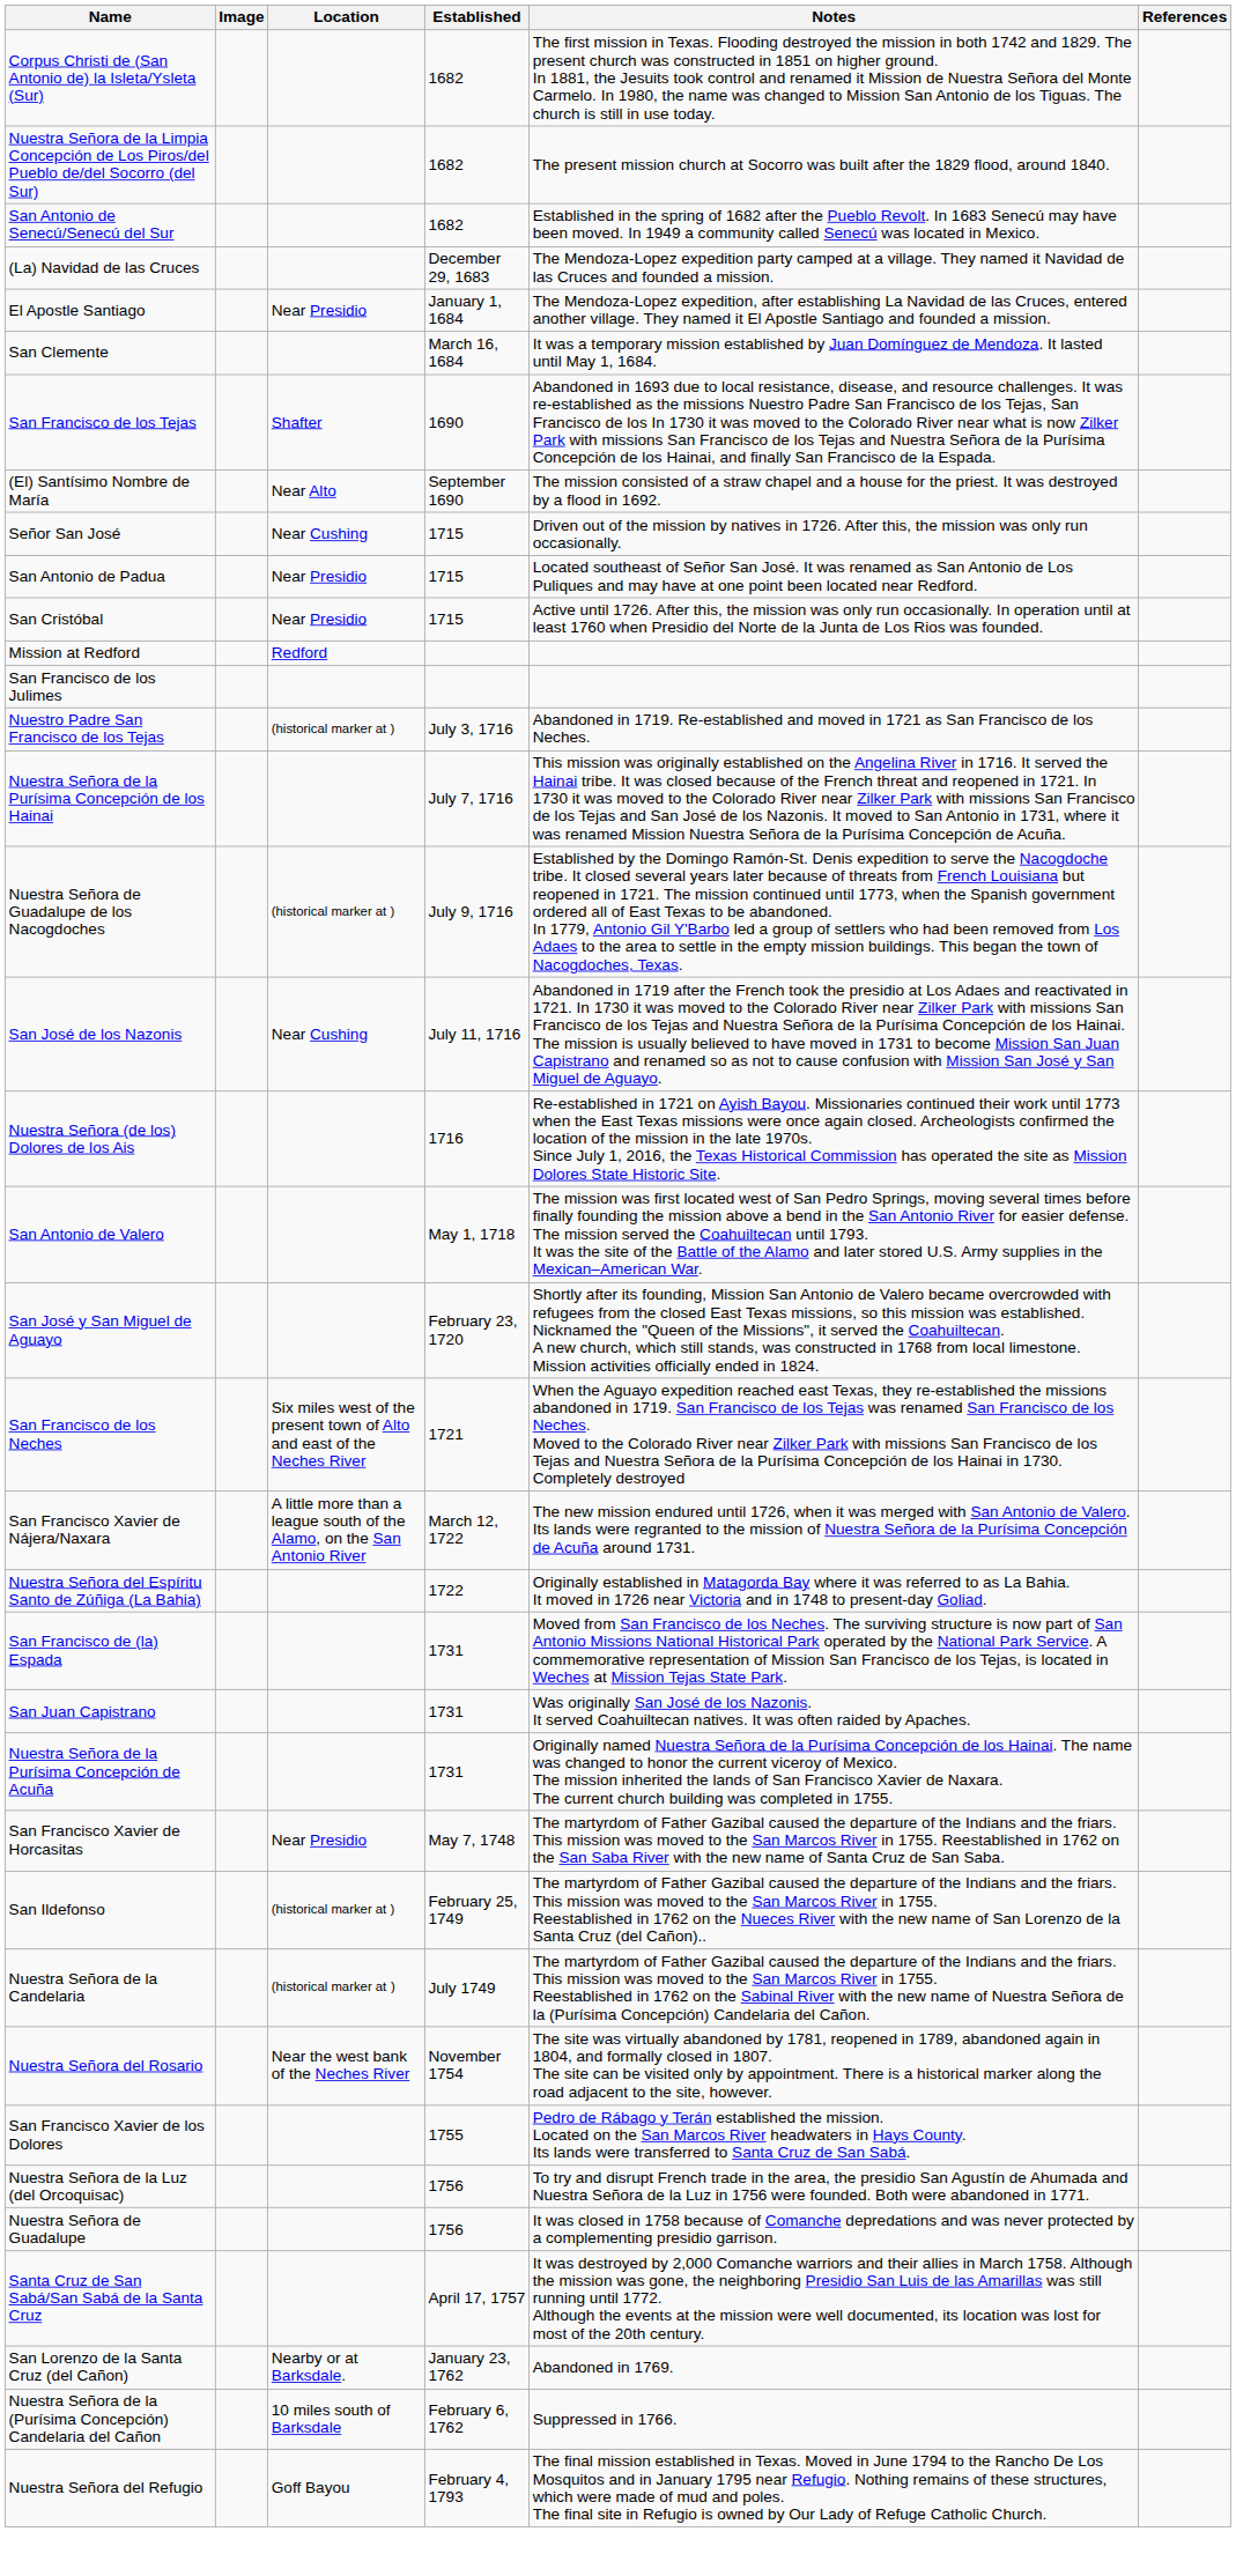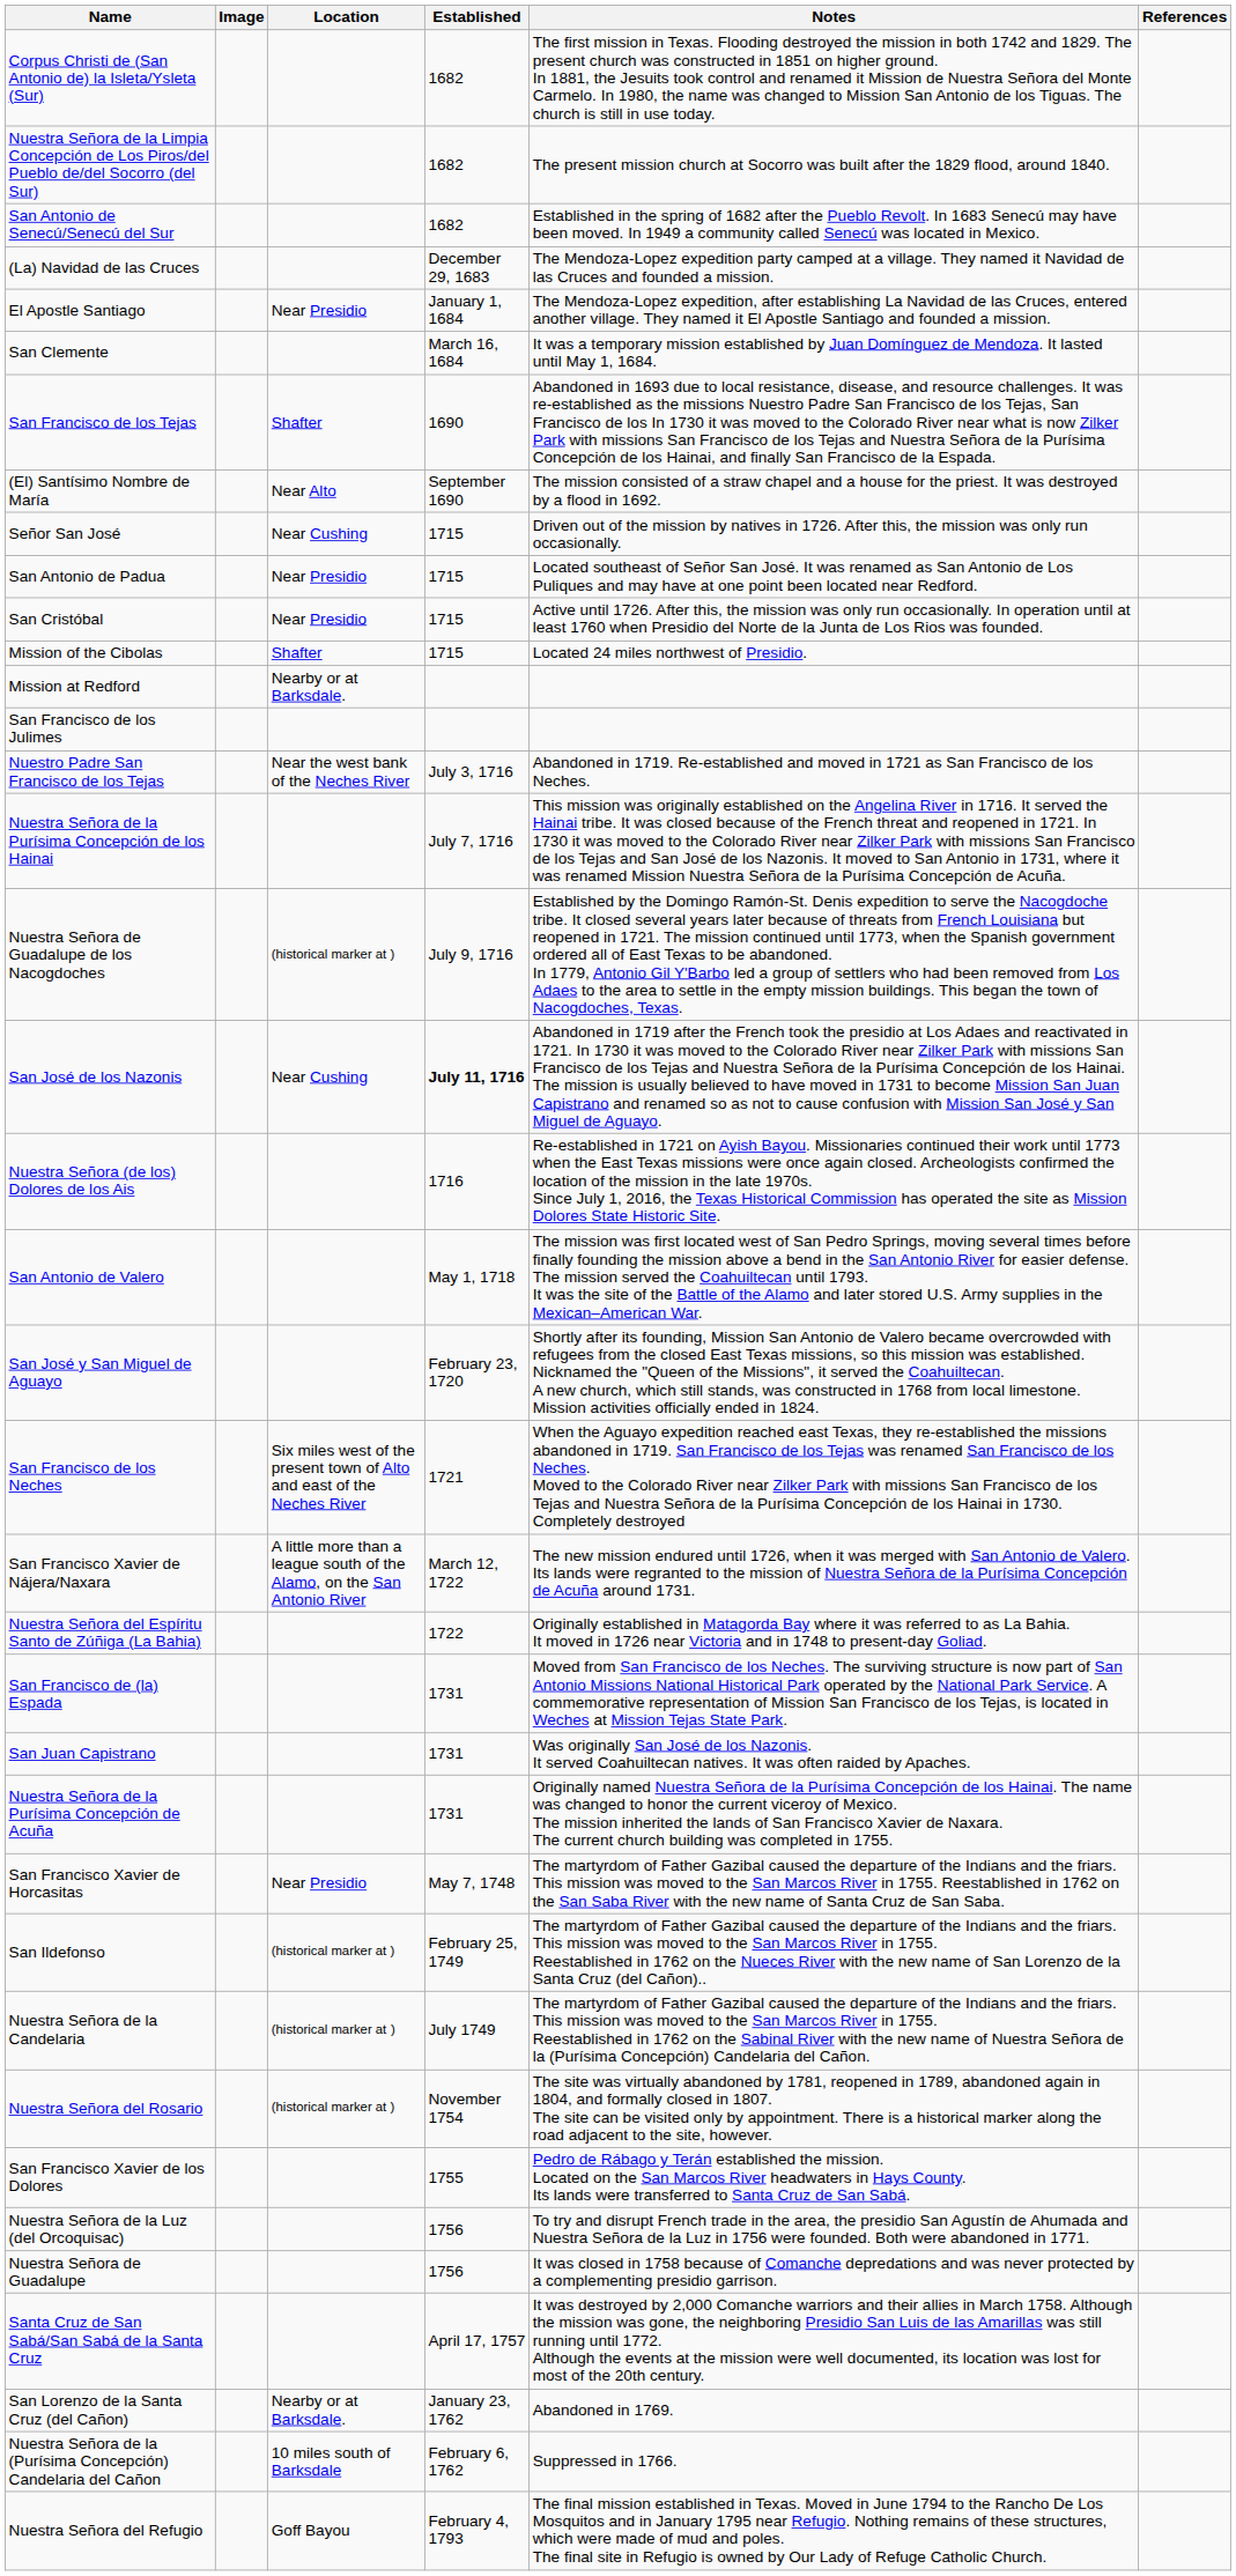 <table class="wikitable">
 <tr>
 <th>Name</th>
 <th>Image</th>
 <th>Location</th>
 <th>Established</th>
 <th>Notes</th>
 <th>References</th>
 </tr>
 <tr>
 <td><a href='#'>Corpus Christi de (San Antonio de) la Isleta/Ysleta (Sur)</a></td>
 <td></td>
 <td><sub></sub></td>
 <td>1682</td>
 <td>The first mission in Texas. Flooding destroyed the mission in both 1742 and 1829. The present church was constructed in 1851 on higher ground.<br>In 1881, the Jesuits took control and renamed it Mission de Nuestra Señora del Monte Carmelo. In 1980, the name was changed to Mission San Antonio de los Tiguas. The church is still in use today.</td>
 <td></td>
 </tr>
 <tr>
 <td><a href='#'>Nuestra Señora de la Limpia Concepción de Los Piros/del Pueblo de/del Socorro (del Sur)</a></td>
 <td></td>
 <td><sub></sub></td>
 <td>1682</td>
 <td>The present mission church at Socorro was built after the 1829 flood, around 1840.</td>
 <td></td>
 </tr>
 <tr>
 <td><a href='#'>San Antonio de Senecú/Senecú del Sur</a></td>
 <td></td>
 <td></td>
 <td>1682</td>
 <td>Established in the spring of 1682 after the <a href='#'>Pueblo Revolt</a>. In 1683 Senecú may have been moved. In 1949 a community called <a href='#'>Senecú</a> was located in Mexico.</td>
 <td></td>
 </tr>
 <tr>
 <td>(La) Navidad de las Cruces</td>
 <td></td>
 <td></td>
 <td>December 29, 1683</td>
 <td>The Mendoza-Lopez expedition party camped at a village. They named it Navidad de las Cruces and founded a mission.</td>
 <td></td>
 </tr>
 <tr>
 <td>El Apostle Santiago</td>
 <td></td>
 <td>Near <a href='#'>Presidio</a></td>
 <td>January 1, 1684</td>
 <td>The Mendoza-Lopez expedition, after establishing La Navidad de las Cruces, entered another village. They named it El Apostle Santiago and founded a mission.</td>
 <td></td>
 </tr>
 <tr>
 <td>San Clemente</td>
 <td></td>
 <td><small></small></td>
 <td>March 16, 1684</td>
 <td>It was a temporary mission established by <a href='#'>Juan Domínguez de Mendoza</a>. It lasted until May 1, 1684.</td>
 <td></td>
 </tr>
 <tr>
 <td><a href='#'>San Francisco de los Tejas</a></td>
 <td></td>
 <td><a href='#'>Shafter</a></td>
 <td>1690</td>
 <td>Abandoned in 1693 due to local resistance, disease, and resource challenges. It was re-established as the missions Nuestro Padre San Francisco de los Tejas, San Francisco de los In 1730 it was moved to the Colorado River near what is now <a href='#'>Zilker Park</a> with missions San Francisco de los Tejas and Nuestra Señora de la Purísima Concepción de los Hainai, and finally San Francisco de la Espada.</td>
 <td></td>
 </tr>
 <tr>
 <td>(El) Santísimo Nombre de María</td>
 <td></td>
 <td>Near <a href='#'>Alto</a></td>
 <td>September 1690</td>
 <td>The mission consisted of a straw chapel and a house for the priest. It was destroyed by a flood in 1692.</td>
 <td></td>
 </tr>
 <tr>
 <td>Señor San José</td>
 <td></td>
 <td>Near <a href='#'>Cushing</a></td>
 <td>1715</td>
 <td>Driven out of the mission by natives in 1726. After this, the mission was only run occasionally.</td>
 <td></td>
 </tr>
 <tr>
 <td>San Antonio de Padua</td>
 <td></td>
 <td>Near <a href='#'>Presidio</a></td>
 <td>1715</td>
 <td>Located southeast of Señor San José. It was renamed as San Antonio de Los Puliques and may have at one point been located near Redford.</td>
 <td></td>
 </tr>
 <tr>
 <td>San Cristóbal</td>
 <td></td>
 <td>Near <a href='#'>Presidio</a></td>
 <td>1715</td>
 <td>Active until 1726. After this, the mission was only run occasionally. In operation until at least 1760 when Presidio del Norte de la Junta de Los Rios was founded.</td>
 <td></td>
 </tr>
 <tr>
+<td>Mission of the Cibolas</td>
+<td></td>
+<td><a href='#'>Shafter</a></td>
+<td>1715</td>
+<td>Located 24 miles northwest of <a href='#'>Presidio</a>.</td>
+<td></td>
+</tr>
+<tr>
 <td>Mission at Redford</td>
 <td></td>
-<td><a href='#'>Redford</a></td>
+<td>Nearby or at <a href='#'>Barksdale</a>.</td>
 <td></td>
 <td></td>
 <td></td>
 </tr>
 <tr>
 <td>San Francisco de los Julimes</td>
 <td></td>
 <td></td>
 <td></td>
 <td></td>
 <td></td>
 </tr>
 <tr>
 <td><a href='#'>Nuestro Padre San Francisco de los Tejas</a></td>
 <td></td>
-<td><sub></sub> <small>(historical marker at )</small></td>
+<td>Near the west bank of the <a href='#'>Neches River</a></td>
 <td>July 3, 1716</td>
 <td>Abandoned in 1719. Re-established and moved in 1721 as San Francisco de los Neches.</td>
 <td></td>
 </tr>
 <tr>
 <td><a href='#'>Nuestra Señora de la Purísima Concepción de los Hainai</a></td>
 <td></td>
 <td></td>
 <td>July 7, 1716</td>
 <td>This mission was originally established on the <a href='#'>Angelina River</a> in 1716. It served the <a href='#'>Hainai</a> tribe. It was closed because of the French threat and reopened in 1721. In 1730 it was moved to the Colorado River near <a href='#'>Zilker Park</a> with missions San Francisco de los Tejas and San José de los Nazonis. It moved to San Antonio in 1731, where it was renamed Mission Nuestra Señora de la Purísima Concepción de Acuña.</td>
 <td></td>
 </tr>
 <tr>
 <td>Nuestra Señora de Guadalupe de los Nacogdoches</td>
 <td></td>
 <td><sub></sub> <small>(historical marker at )</small></td>
 <td>July 9, 1716</td>
 <td>Established by the Domingo Ramón-St. Denis expedition to serve the <a href='#'>Nacogdoche</a> tribe. It closed several years later because of threats from <a href='#'>French Louisiana</a> but reopened in 1721. The mission continued until 1773, when the Spanish government ordered all of East Texas to be abandoned.<br>In 1779, <a href='#'>Antonio Gil Y'Barbo</a> led a group of settlers who had been removed from <a href='#'>Los Adaes</a> to the area to settle in the empty mission buildings. This began the town of <a href='#'>Nacogdoches, Texas</a>.</td>
 <td></td>
 </tr>
 <tr>
 <td><a href='#'>San José de los Nazonis</a></td>
 <td></td>
 <td>Near <a href='#'>Cushing</a></td>
-<td>July 11, 1716</td>
+<td><strong>July 11, 1716</strong></td>
 <td>Abandoned in 1719 after the French took the presidio at Los Adaes and reactivated in 1721. In 1730 it was moved to the Colorado River near <a href='#'>Zilker Park</a> with missions San Francisco de los Tejas and Nuestra Señora de la Purísima Concepción de los Hainai.<br>The mission is usually believed to have moved in 1731 to become <a href='#'>Mission San Juan Capistrano</a> and renamed so as not to cause confusion with <a href='#'>Mission San José y San Miguel de Aguayo</a>.</td>
 <td></td>
 </tr>
 <tr>
 <td><a href='#'>Nuestra Señora (de los) Dolores de los Ais</a></td>
 <td></td>
 <td><sub></sub></td>
 <td>1716</td>
 <td>Re-established in 1721 on <a href='#'>Ayish Bayou</a>. Missionaries continued their work until 1773 when the East Texas missions were once again closed. Archeologists confirmed the location of the mission in the late 1970s.<br>Since July 1, 2016, the <a href='#'>Texas Historical Commission</a> has operated the site as <a href='#'>Mission Dolores State Historic Site</a>.</td>
 <td></td>
 </tr>
 <tr>
 <td><a href='#'>San Antonio de Valero</a></td>
 <td></td>
 <td></td>
 <td>May 1, 1718</td>
 <td>The mission was first located west of San Pedro Springs, moving several times before finally founding the mission above a bend in the <a href='#'>San Antonio River</a> for easier defense. The mission served the <a href='#'>Coahuiltecan</a> until 1793.<br>It was the site of the <a href='#'>Battle of the Alamo</a> and later stored U.S. Army supplies in the <a href='#'>Mexican–American War</a>.</td>
 <td></td>
 </tr>
 <tr>
 <td><a href='#'>San José y San Miguel de Aguayo</a></td>
 <td></td>
 <td></td>
 <td>February 23, 1720</td>
 <td>Shortly after its founding, Mission San Antonio de Valero became overcrowded with refugees from the closed East Texas missions, so this mission was established. Nicknamed the "Queen of the Missions", it served the <a href='#'>Coahuiltecan</a>.<br>A new church, which still stands, was constructed in 1768 from local limestone. Mission activities officially ended in 1824.</td>
 <td></td>
 </tr>
 <tr>
 <td><a href='#'>San Francisco de los Neches</a></td>
 <td></td>
 <td>Six miles west of the present town of <a href='#'>Alto</a> and east of the <a href='#'>Neches River</a></td>
 <td>1721</td>
 <td>When the Aguayo expedition reached east Texas, they re-established the missions abandoned in 1719. <a href='#'>San Francisco de los Tejas</a> was renamed <a href='#'>San Francisco de los Neches</a>.<br>Moved to the Colorado River near <a href='#'>Zilker Park</a> with missions San Francisco de los Tejas and Nuestra Señora de la Purísima Concepción de los Hainai in 1730. Completely destroyed</td>
 <td></td>
 </tr>
 <tr>
 <td>San Francisco Xavier de Nájera/Naxara</td>
 <td></td>
 <td>A little more than a league south of the <a href='#'>Alamo</a>, on the <a href='#'>San Antonio River</a></td>
 <td>March 12, 1722</td>
 <td>The new mission endured until 1726, when it was merged with <a href='#'>San Antonio de Valero</a>. Its lands were regranted to the mission of <a href='#'>Nuestra Señora de la Purísima Concepción de Acuña</a> around 1731.</td>
 <td></td>
 </tr>
 <tr>
 <td><a href='#'>Nuestra Señora del Espíritu Santo de Zúñiga (La Bahia)</a></td>
 <td></td>
 <td><sub></sub></td>
 <td>1722</td>
 <td>Originally established in <a href='#'>Matagorda Bay</a> where it was referred to as La Bahia.<br>It moved in 1726 near <a href='#'>Victoria</a> and in 1748 to present-day <a href='#'>Goliad</a>.</td>
 <td></td>
 </tr>
 <tr>
 <td><a href='#'>San Francisco de (la) Espada</a></td>
 <td></td>
 <td><sub></sub></td>
 <td>1731</td>
 <td>Moved from <a href='#'>San Francisco de los Neches</a>. The surviving structure is now part of <a href='#'>San Antonio Missions National Historical Park</a> operated by the <a href='#'>National Park Service</a>. A commemorative representation of Mission San Francisco de los Tejas, is located in <a href='#'>Weches</a> at <a href='#'>Mission Tejas State Park</a>.</td>
 <td></td>
 </tr>
 <tr>
 <td><a href='#'>San Juan Capistrano</a></td>
 <td></td>
 <td><sub></sub></td>
 <td>1731</td>
 <td>Was originally <a href='#'>San José de los Nazonis</a>.<br>It served Coahuiltecan natives. It was often raided by Apaches.</td>
 <td></td>
 </tr>
 <tr>
 <td><a href='#'>Nuestra Señora de la Purísima Concepción de Acuña</a></td>
 <td></td>
 <td><sub></sub></td>
 <td>1731</td>
 <td>Originally named <a href='#'>Nuestra Señora de la Purísima Concepción de los Hainai</a>. The name was changed to honor the current viceroy of Mexico.<br>The mission inherited the lands of San Francisco Xavier de Naxara.<br>The current church building was completed in 1755.</td>
 <td></td>
 </tr>
 <tr>
 <td>San Francisco Xavier de Horcasitas</td>
 <td></td>
 <td>Near <a href='#'>Presidio</a></td>
 <td>May 7, 1748</td>
 <td>The martyrdom of Father Gazibal caused the departure of the Indians and the friars. This mission was moved to the <a href='#'>San Marcos River</a> in 1755. Reestablished in 1762 on the <a href='#'>San Saba River</a> with the new name of Santa Cruz de San Saba.</td>
 <td></td>
 </tr>
 <tr>
 <td>San Ildefonso</td>
 <td></td>
 <td><sub></sub>  <small>(historical marker at )</small> </td>
 <td>February 25, 1749</td>
 <td>The martyrdom of Father Gazibal caused the departure of the Indians and the friars. This mission was moved to the <a href='#'>San Marcos River</a> in 1755.<br>Reestablished in 1762 on the <a href='#'>Nueces River</a> with the new name of San Lorenzo de la Santa Cruz (del Cañon)..</td>
 <td></td>
 </tr>
 <tr>
 <td>Nuestra Señora de la Candelaria</td>
 <td></td>
 <td><sub></sub> <small>(historical marker at</small> <small>)</small></td>
 <td>July 1749</td>
 <td>The martyrdom of Father Gazibal caused the departure of the Indians and the friars. This mission was moved to the <a href='#'>San Marcos River</a> in 1755.<br>Reestablished in 1762 on the <a href='#'>Sabinal River</a> with the new name of Nuestra Señora de la (Purísima Concepción) Candelaria del Cañon.</td>
 <td></td>
 </tr>
 <tr>
 <td><a href='#'>Nuestra Señora del Rosario</a></td>
 <td></td>
-<td>Near the west bank of the <a href='#'>Neches River</a></td>
+<td><sub></sub> <small>(historical marker at )</small></td>
 <td>November 1754</td>
 <td>The site was virtually abandoned by 1781, reopened in 1789, abandoned again in 1804, and formally closed in 1807.<br>The site can be visited only by appointment. There is a historical marker along the road adjacent to the site, however.</td>
 <td></td>
 </tr>
 <tr>
 <td>San Francisco Xavier de los Dolores</td>
 <td></td>
 <td></td>
 <td>1755</td>
 <td><a href='#'>Pedro de Rábago y Terán</a> established the mission.<br>Located on the <a href='#'>San Marcos River</a> headwaters in <a href='#'>Hays County</a>.<br>Its lands were transferred to <a href='#'>Santa Cruz de San Sabá</a>.</td>
 <td></td>
 </tr>
 <tr>
 <td>Nuestra Señora de la Luz (del Orcoquisac)</td>
 <td></td>
 <td><sub></sub></td>
 <td>1756</td>
 <td>To try and disrupt French trade in the area, the presidio San Agustín de Ahumada and Nuestra Señora de la Luz in 1756 were founded. Both were abandoned in 1771.</td>
 <td></td>
 </tr>
 <tr>
 <td>Nuestra Señora de Guadalupe</td>
 <td></td>
 <td></td>
 <td>1756</td>
 <td>It was closed in 1758 because of <a href='#'>Comanche</a> depredations and was never protected by a complementing presidio garrison.</td>
 <td></td>
 </tr>
 <tr>
 <td><a href='#'>Santa Cruz de San Sabá/San Sabá de la Santa Cruz</a></td>
 <td></td>
 <td><sub></sub></td>
 <td>April 17, 1757</td>
 <td>It was destroyed by 2,000 Comanche warriors and their allies in March 1758. Although the mission was gone, the neighboring <a href='#'>Presidio San Luis de las Amarillas</a> was still running until 1772.<br>Although the events at the mission were well documented, its location was lost for most of the 20th century.</td>
 <td></td>
 </tr>
 <tr>
 <td>San Lorenzo de la Santa Cruz (del Cañon)</td>
 <td></td>
 <td>Nearby or at <a href='#'>Barksdale</a>.</td>
 <td>January 23, 1762</td>
 <td>Abandoned in 1769.</td>
 <td></td>
 </tr>
 <tr>
 <td>Nuestra Señora de la (Purísima Concepción) Candelaria del Cañon</td>
 <td></td>
 <td>10 miles south of <a href='#'>Barksdale</a></td>
 <td>February 6, 1762</td>
 <td>Suppressed in 1766.</td>
 <td></td>
 </tr>
 <tr>
 <td>Nuestra Señora del Refugio</td>
 <td></td>
 <td>Goff Bayou</td>
 <td>February 4, 1793</td>
 <td>The final mission established in Texas. Moved in June 1794 to the Rancho De Los Mosquitos and in January 1795 near <a href='#'>Refugio</a>. Nothing remains of these structures, which were made of mud and poles.<br>The final site in Refugio is owned by Our Lady of Refuge Catholic Church.</td>
 <td></td>
 </tr>
 </table>
